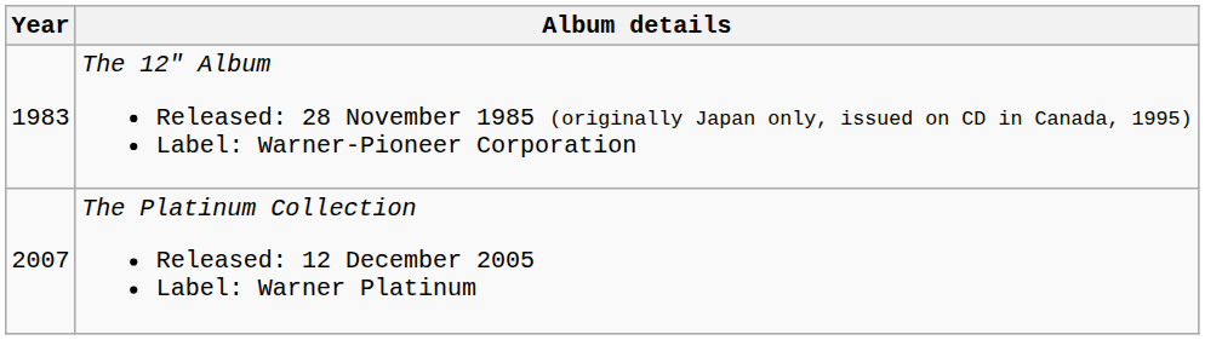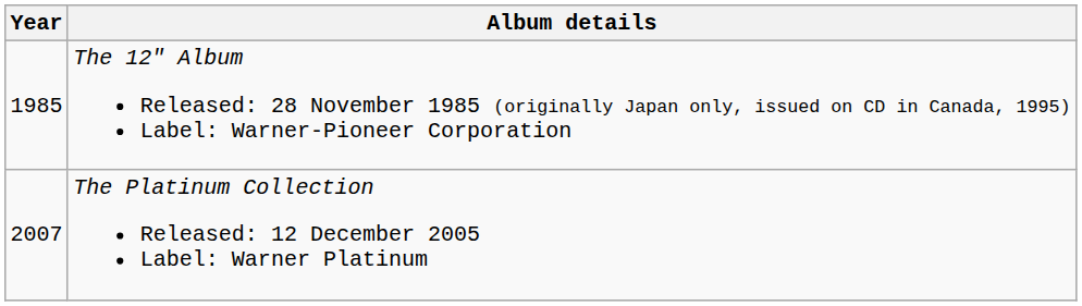 <table class="wikitable" style=text-align:center;>
 <tr>
 <th rowspan="1">Year</th>
 <th rowspan="1">Album details</th>
 </tr>
 <tr>
-<td rowspan="1">1983</td>
+<td rowspan="1">1985</td>
 <td align="left"><em>The 12" Album</em><br><ul><li>Released: 28 November 1985 <small>(originally Japan only, issued on CD in Canada, 1995)</small></li><li>Label: Warner-Pioneer Corporation</li></ul></td>
 </tr>
 <tr>
 <td rowspan="1">2007</td>
 <td align="left"><em>The Platinum Collection</em><br><ul><li>Released: 12 December 2005</li><li>Label: Warner Platinum</li></ul></td>
 </tr>
 </table>
